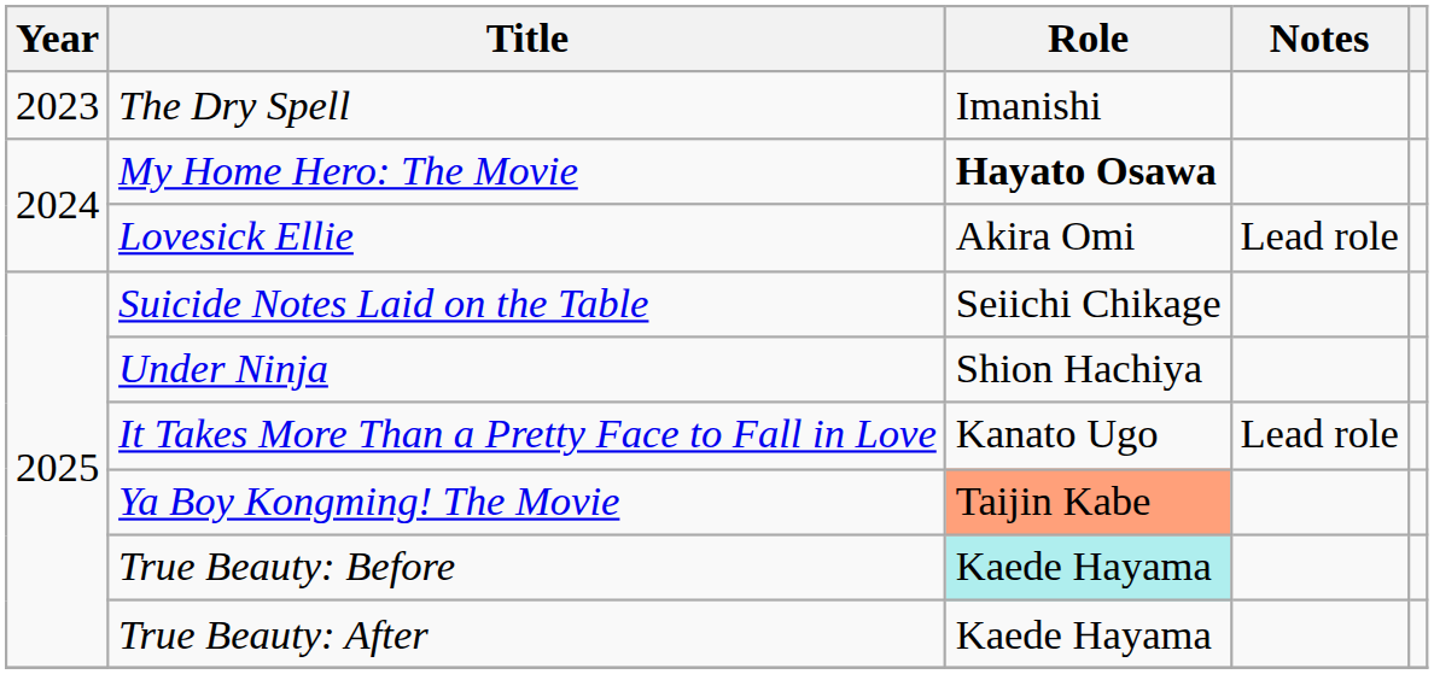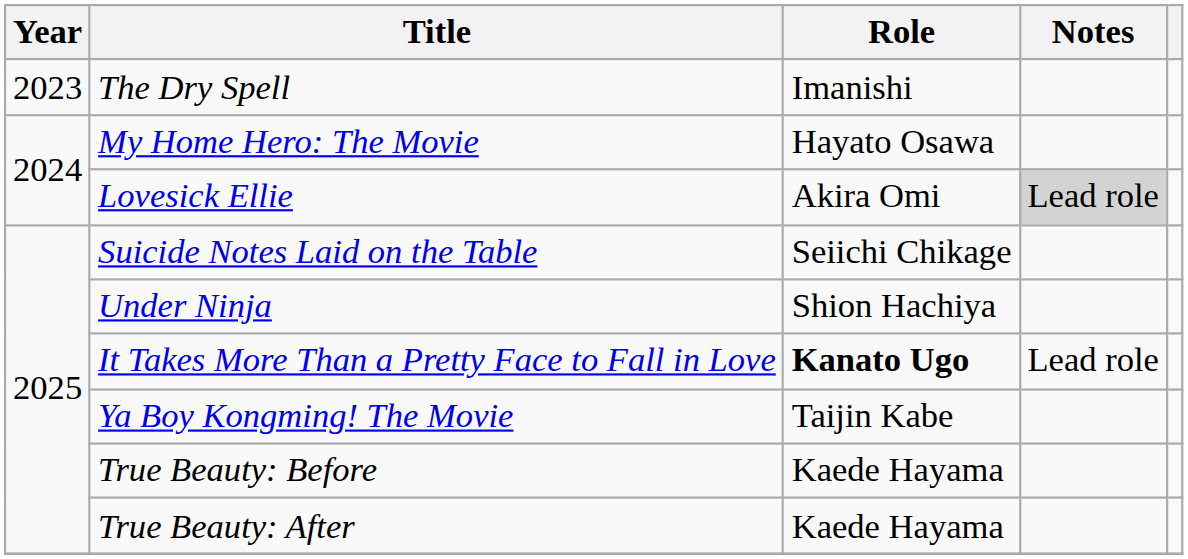 <table class="wikitable plainrowheaders sortable">
 <tr>
 <th>Year</th>
 <th>Title</th>
 <th>Role</th>
 <th class="unsortable">Notes</th>
 <th class="unsortable"></th>
 </tr>
 <tr>
 <td>2023</td>
 <td><em>The Dry Spell</em></td>
 <td>Imanishi</td>
 <td></td>
 <td></td>
 </tr>
 <tr>
 <td rowspan="2">2024</td>
 <td><em><a href='#'>My Home Hero: The Movie</a></em></td>
-<td><strong>Hayato Osawa</strong></td>
+<td>Hayato Osawa</td>
 <td></td>
 <td></td>
 </tr>
 <tr>
 <td><em><a href='#'>Lovesick Ellie</a></em></td>
 <td>Akira Omi</td>
-<td>Lead role</td>
+<td style="background: lightgrey;">Lead role</td>
 <td></td>
 </tr>
 <tr>
 <td rowspan="6">2025</td>
 <td><em><a href='#'>Suicide Notes Laid on the Table</a></em></td>
 <td>Seiichi Chikage</td>
 <td></td>
 <td></td>
 </tr>
 <tr>
 <td><em><a href='#'>Under Ninja</a></em></td>
 <td>Shion Hachiya</td>
 <td></td>
 <td></td>
 </tr>
 <tr>
 <td><em><a href='#'>It Takes More Than a Pretty Face to Fall in Love</a></em></td>
-<td>Kanato Ugo</td>
+<td><strong>Kanato Ugo</strong></td>
 <td>Lead role</td>
 <td></td>
 </tr>
 <tr>
 <td><em><a href='#'>Ya Boy Kongming! The Movie</a></em></td>
-<td style="background: lightsalmon;">Taijin Kabe</td>
+<td>Taijin Kabe</td>
 <td></td>
 <td></td>
 </tr>
 <tr>
 <td><em>True Beauty: Before</em></td>
-<td style="background: paleturquoise;">Kaede Hayama</td>
+<td>Kaede Hayama</td>
 <td></td>
 <td></td>
 </tr>
 <tr>
 <td><em>True Beauty: After</em></td>
 <td>Kaede Hayama</td>
 <td></td>
 <td></td>
 </tr>
 <tr>
 </tr>
 </table>
